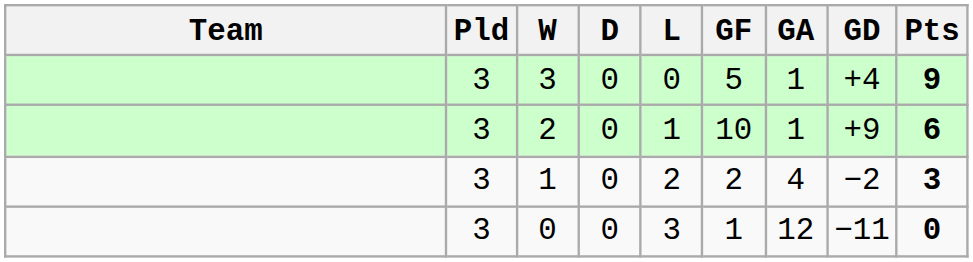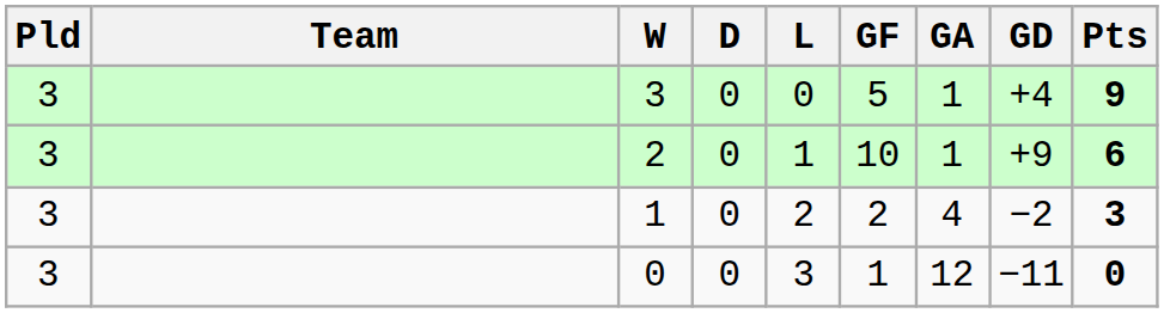 <table class="wikitable" style="text-align:center;">
 <tr>
+<th width=20>Pld</th>
 <th width=180>Team</th>
-<th width=20>Pld</th>
 <th width=20>W</th>
 <th width=20>D</th>
 <th width=20>L</th>
 <th width=20>GF</th>
 <th width=20>GA</th>
 <th width=20>GD</th>
 <th width=20>Pts</th>
 </tr>
 <tr bgcolor=ccffcc>
+<td>3</td>
 <td align="left"></td>
-<td>3</td>
 <td>3</td>
 <td>0</td>
 <td>0</td>
 <td>5</td>
 <td>1</td>
 <td>+4</td>
 <td><strong>9</strong></td>
 </tr>
 <tr bgcolor=ccffcc>
+<td>3</td>
 <td align="left"></td>
-<td>3</td>
 <td>2</td>
 <td>0</td>
 <td>1</td>
 <td>10</td>
 <td>1</td>
 <td>+9</td>
 <td><strong>6</strong></td>
 </tr>
 <tr>
+<td>3</td>
 <td align="left"><em></em></td>
-<td>3</td>
 <td>1</td>
 <td>0</td>
 <td>2</td>
 <td>2</td>
 <td>4</td>
 <td>−2</td>
 <td><strong>3</strong></td>
 </tr>
 <tr>
+<td>3</td>
 <td align="left"></td>
-<td>3</td>
 <td>0</td>
 <td>0</td>
 <td>3</td>
 <td>1</td>
 <td>12</td>
 <td>−11</td>
 <td><strong>0</strong></td>
 </tr>
 </table>
